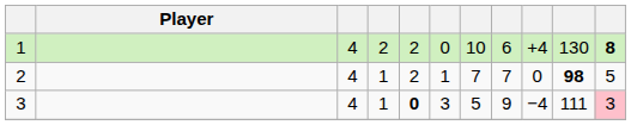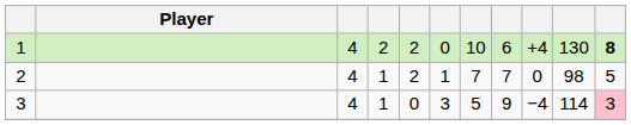 <table class="wikitable" style="text-align:center;">
 <tr>
 <th width=20></th>
 <th width=260>Player</th>
 <th width=20></th>
 <th width=20></th>
 <th width=20></th>
 <th width=20></th>
 <th width=20></th>
 <th width=20></th>
 <th width=20></th>
 <th width=30></th>
 <th width=20></th>
 </tr>
 <tr style="background:#D0F0C0;">
 <td>1</td>
 <td align=left> <small></small></td>
 <td>4</td>
 <td>2</td>
 <td>2</td>
 <td>0</td>
 <td>10</td>
 <td>6</td>
 <td>+4</td>
 <td>130</td>
 <td><strong>8</strong></td>
 </tr>
 <tr>
 <td>2</td>
 <td align=left> <small></small></td>
 <td>4</td>
 <td>1</td>
 <td>2</td>
 <td>1</td>
 <td>7</td>
 <td>7</td>
 <td>0</td>
-<td><strong>98</strong></td>
+<td>98</td>
 <td>5</td>
 </tr>
 <tr>
 <td>3</td>
 <td align=left> <small></small></td>
 <td>4</td>
 <td>1</td>
-<td><strong>0</strong></td>
+<td>0</td>
 <td>3</td>
 <td>5</td>
 <td>9</td>
 <td>−4</td>
-<td>111</td>
+<td>114</td>
 <td style="background: pink;">3</td>
 </tr>
 <tr>
 </tr>
 </table>
